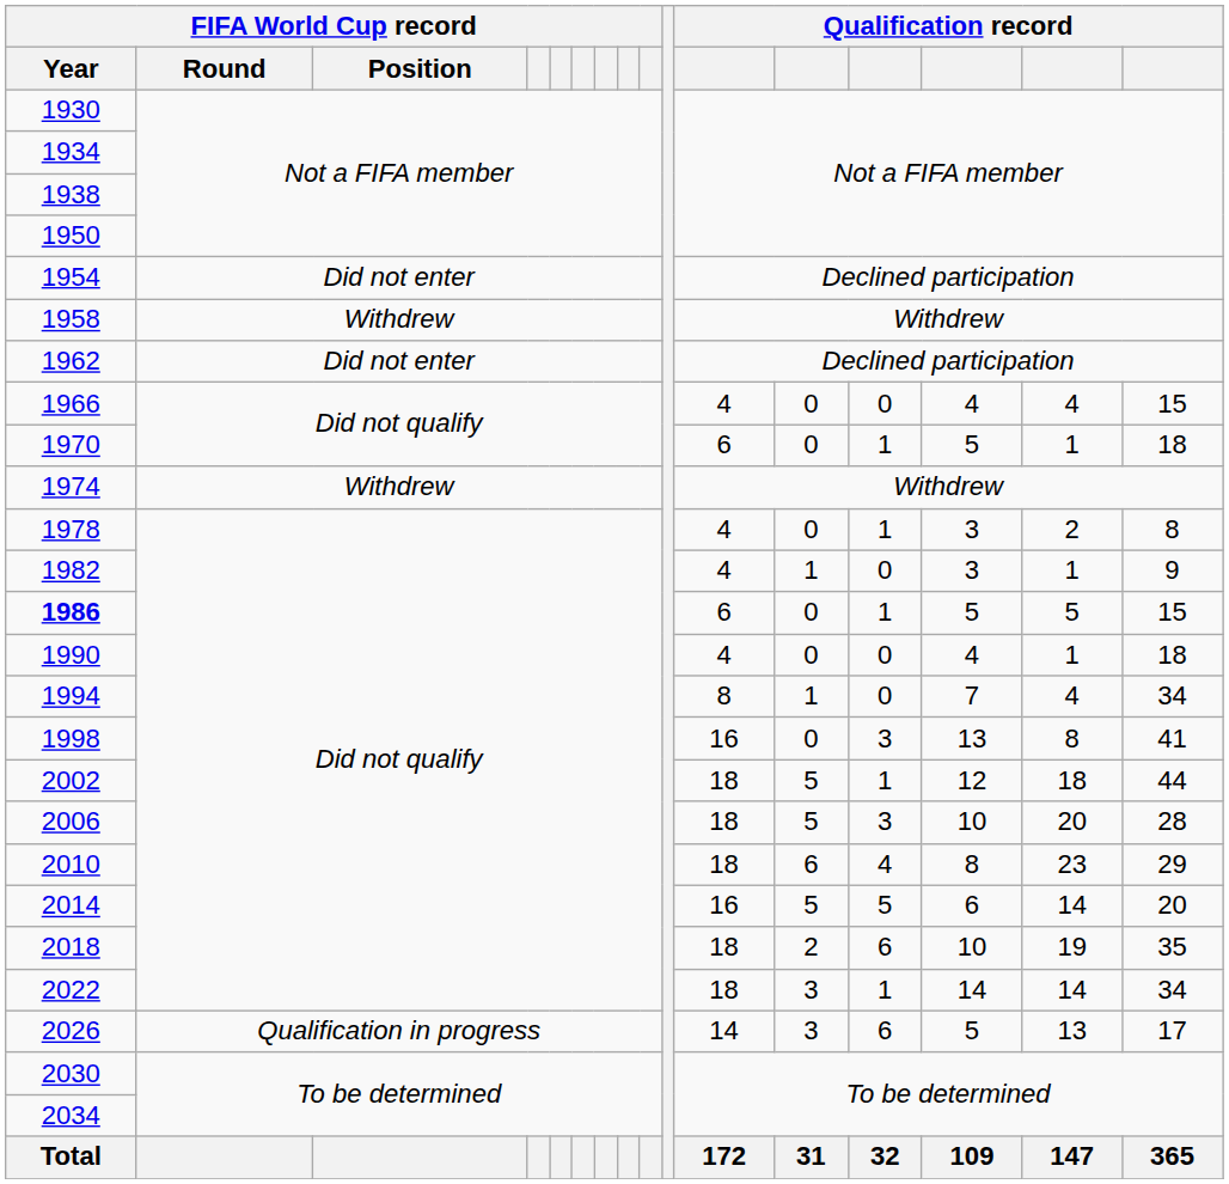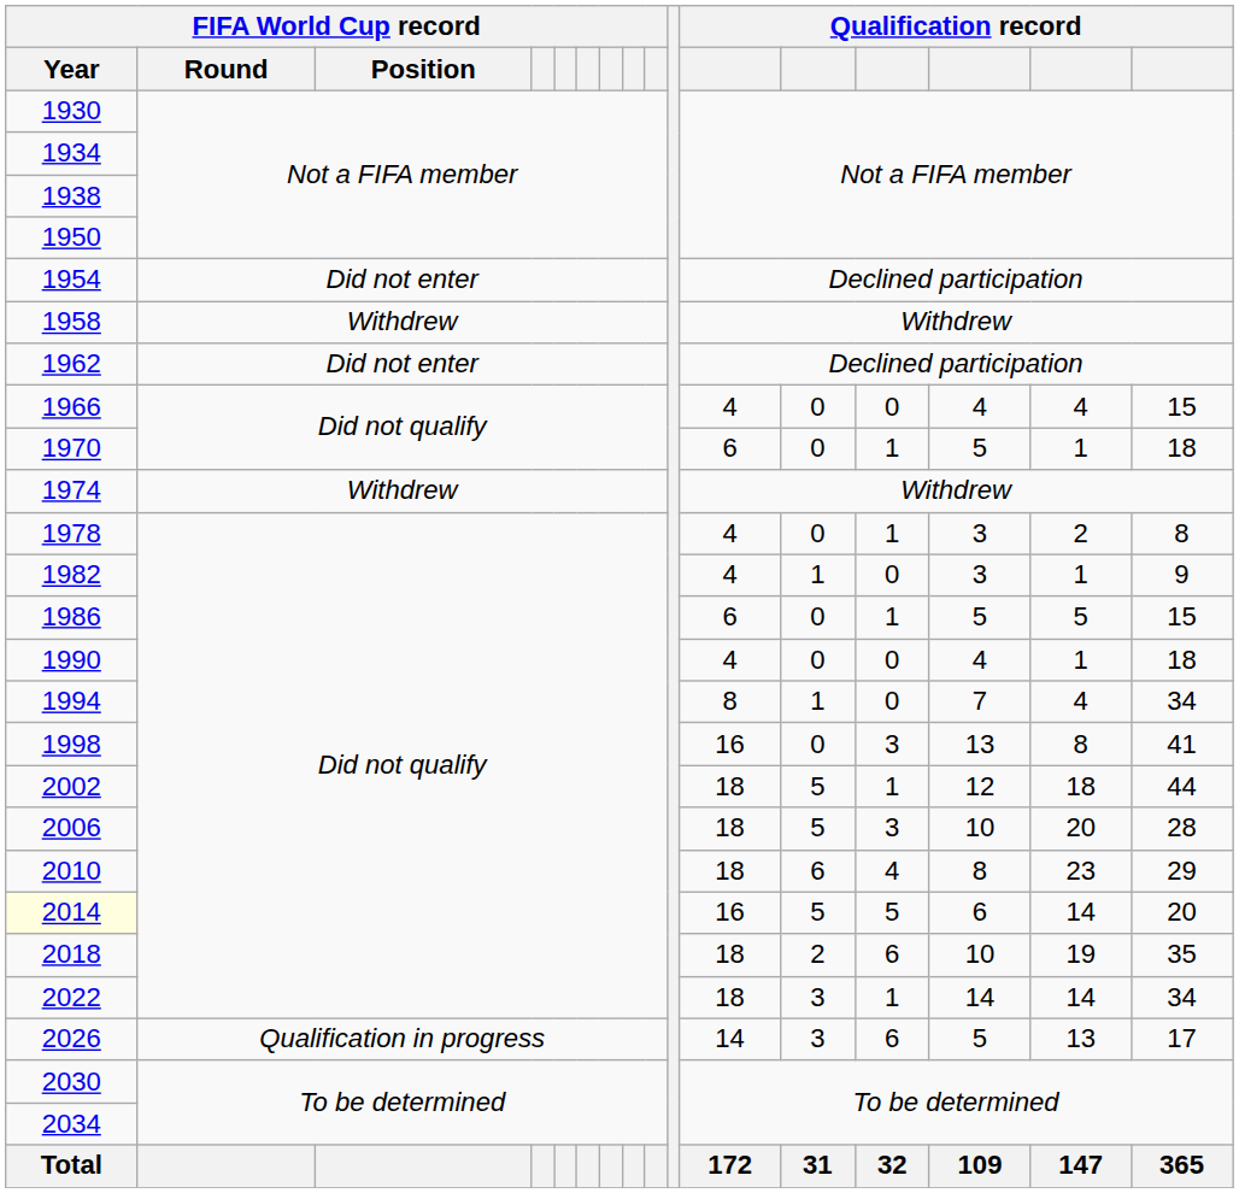 <table class="wikitable" style="text-align: center;">
 <tr>
 <th colspan=9><a href='#'>FIFA World Cup</a> record</th>
 <th width=1% rowspan=28></th>
 <th colspan=6><a href='#'>Qualification</a> record</th>
 </tr>
 <tr>
 <th>Year</th>
 <th>Round</th>
 <th>Position</th>
 <th></th>
 <th></th>
 <th></th>
 <th></th>
 <th></th>
 <th></th>
 <th></th>
 <th></th>
 <th></th>
 <th></th>
 <th></th>
 <th></th>
 </tr>
 <tr>
 <td> <a href='#'>1930</a></td>
 <td colspan=8 rowspan=4><em>Not a FIFA member</em></td>
 <td colspan=6 rowspan=4><em>Not a FIFA member</em></td>
 </tr>
 <tr>
 <td> <a href='#'>1934</a></td>
 </tr>
 <tr>
 <td> <a href='#'>1938</a></td>
 </tr>
 <tr>
 <td> <a href='#'>1950</a></td>
 </tr>
 <tr>
 <td> <a href='#'>1954</a></td>
 <td colspan=8><em>Did not enter</em></td>
 <td colspan=6><em>Declined participation</em></td>
 </tr>
 <tr>
 <td> <a href='#'>1958</a></td>
 <td colspan=8><em>Withdrew</em></td>
 <td colspan=6><em>Withdrew</em></td>
 </tr>
 <tr>
 <td> <a href='#'>1962</a></td>
 <td colspan=8><em>Did not enter</em></td>
 <td colspan=6><em>Declined participation</em></td>
 </tr>
 <tr>
 <td> <a href='#'>1966</a></td>
 <td colspan=8 rowspan=2><em>Did not qualify</em></td>
 <td>4</td>
 <td>0</td>
 <td>0</td>
 <td>4</td>
 <td>4</td>
 <td>15</td>
 </tr>
 <tr>
 <td> <a href='#'>1970</a></td>
 <td>6</td>
 <td>0</td>
 <td>1</td>
 <td>5</td>
 <td>1</td>
 <td>18</td>
 </tr>
 <tr>
 <td> <a href='#'>1974</a></td>
 <td colspan=8><em>Withdrew</em></td>
 <td colspan=6><em>Withdrew</em></td>
 </tr>
 <tr>
 <td> <a href='#'>1978</a></td>
 <td colspan=8 rowspan=12><em>Did not qualify</em></td>
 <td>4</td>
 <td>0</td>
 <td>1</td>
 <td>3</td>
 <td>2</td>
 <td>8</td>
 </tr>
 <tr>
 <td> <a href='#'>1982</a></td>
 <td>4</td>
 <td>1</td>
 <td>0</td>
 <td>3</td>
 <td>1</td>
 <td>9</td>
 </tr>
 <tr>
-<td><strong> <a href='#'>1986</a></strong></td>
+<td> <a href='#'>1986</a></td>
 <td>6</td>
 <td>0</td>
 <td>1</td>
 <td>5</td>
 <td>5</td>
 <td>15</td>
 </tr>
 <tr>
 <td> <a href='#'>1990</a></td>
 <td>4</td>
 <td>0</td>
 <td>0</td>
 <td>4</td>
 <td>1</td>
 <td>18</td>
 </tr>
 <tr>
 <td> <a href='#'>1994</a></td>
 <td>8</td>
 <td>1</td>
 <td>0</td>
 <td>7</td>
 <td>4</td>
 <td>34</td>
 </tr>
 <tr>
 <td> <a href='#'>1998</a></td>
 <td>16</td>
 <td>0</td>
 <td>3</td>
 <td>13</td>
 <td>8</td>
 <td>41</td>
 </tr>
 <tr>
 <td>  <a href='#'>2002</a></td>
 <td>18</td>
 <td>5</td>
 <td>1</td>
 <td>12</td>
 <td>18</td>
 <td>44</td>
 </tr>
 <tr>
 <td> <a href='#'>2006</a></td>
 <td>18</td>
 <td>5</td>
 <td>3</td>
 <td>10</td>
 <td>20</td>
 <td>28</td>
 </tr>
 <tr>
 <td> <a href='#'>2010</a></td>
 <td>18</td>
 <td>6</td>
 <td>4</td>
 <td>8</td>
 <td>23</td>
 <td>29</td>
 </tr>
 <tr>
-<td> <a href='#'>2014</a></td>
+<td style="background: lightyellow;"> <a href='#'>2014</a></td>
 <td>16</td>
 <td>5</td>
 <td>5</td>
 <td>6</td>
 <td>14</td>
 <td>20</td>
 </tr>
 <tr>
 <td> <a href='#'>2018</a></td>
 <td>18</td>
 <td>2</td>
 <td>6</td>
 <td>10</td>
 <td>19</td>
 <td>35</td>
 </tr>
 <tr>
 <td> <a href='#'>2022</a></td>
 <td>18</td>
 <td>3</td>
 <td>1</td>
 <td>14</td>
 <td>14</td>
 <td>34</td>
 </tr>
 <tr>
 <td>   <a href='#'>2026</a></td>
 <td colspan=8><em>Qualification in progress</em></td>
 <td>14</td>
 <td>3</td>
 <td>6</td>
 <td>5</td>
 <td>13</td>
 <td>17</td>
 </tr>
 <tr>
 <td>   <a href='#'>2030</a></td>
 <td colspan=8 rowspan=2><em>To be determined</em></td>
 <td colspan=6 rowspan=2><em>To be determined</em></td>
 </tr>
 <tr>
 <td> <a href='#'>2034</a></td>
 </tr>
 <tr>
 <th>Total</th>
 <th></th>
 <th></th>
 <th></th>
 <th></th>
 <th></th>
 <th></th>
 <th></th>
 <th></th>
 <th>172</th>
 <th>31</th>
 <th>32</th>
 <th>109</th>
 <th>147</th>
 <th>365</th>
 </tr>
 </table>
